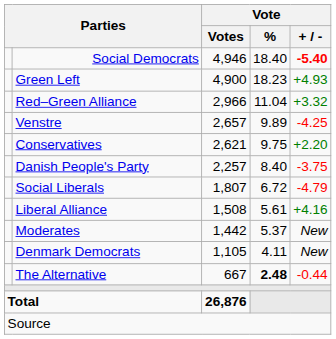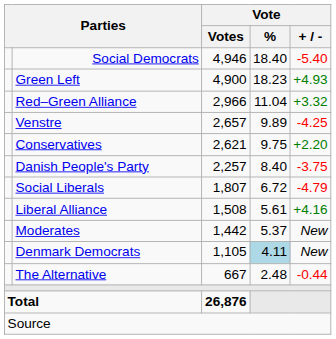 <table class="wikitable" style="text-align:right;">
 <tr>
 <th style="text-align:centre;" rowspan="2" colspan="2" width="225">Parties</th>
 <th colspan="3">Vote</th>
 </tr>
 <tr>
 <th width="15">Votes</th>
 <th width="15">%</th>
 <th width="15">+ / -</th>
 </tr>
 <tr>
 <td width=2 bgcolor=></td>
 <td><a href='#'>Social Democrats</a></td>
 <td>4,946</td>
 <td>18.40</td>
-<td style=color:red;><strong>-5.40</strong></td>
+<td style=color:red;>-5.40</td>
 </tr>
 <tr>
 <td width=2 bgcolor=></td>
 <td align=left><a href='#'>Green Left</a></td>
 <td>4,900</td>
 <td>18.23</td>
 <td style=color:green;>+4.93</td>
 </tr>
 <tr>
 <td width=2 bgcolor=></td>
 <td align=left><a href='#'>Red–Green Alliance</a></td>
 <td>2,966</td>
 <td>11.04</td>
 <td style=color:green;>+3.32</td>
 </tr>
 <tr>
 <td width=2 bgcolor=></td>
 <td align=left><a href='#'>Venstre</a></td>
 <td>2,657</td>
 <td>9.89</td>
 <td style=color:red;>-4.25</td>
 </tr>
 <tr>
 <td width=2 bgcolor=></td>
 <td align=left><a href='#'>Conservatives</a></td>
 <td>2,621</td>
 <td>9.75</td>
 <td style=color:green;>+2.20</td>
 </tr>
 <tr>
 <td width=2 bgcolor=></td>
 <td align=left><a href='#'>Danish People's Party</a></td>
 <td>2,257</td>
 <td>8.40</td>
 <td style=color:red;>-3.75</td>
 </tr>
 <tr>
 <td width=2 bgcolor=></td>
 <td align=left><a href='#'>Social Liberals</a></td>
 <td>1,807</td>
 <td>6.72</td>
 <td style=color:red;>-4.79</td>
 </tr>
 <tr>
 <td width=2 bgcolor=></td>
 <td align=left><a href='#'>Liberal Alliance</a></td>
 <td>1,508</td>
 <td>5.61</td>
 <td style=color:green;>+4.16</td>
 </tr>
 <tr>
 <td width=2 bgcolor=></td>
 <td align=left><a href='#'>Moderates</a></td>
 <td>1,442</td>
 <td>5.37</td>
 <td><em>New</em></td>
 </tr>
 <tr>
 <td width=2 bgcolor=></td>
 <td align=left><a href='#'>Denmark Democrats</a></td>
 <td>1,105</td>
-<td>4.11</td>
+<td style="background: lightblue;">4.11</td>
 <td><em>New</em></td>
 </tr>
 <tr>
 <td width=2 bgcolor=></td>
 <td align=left><a href='#'>The Alternative</a></td>
 <td>667</td>
-<td><strong>2.48</strong></td>
+<td>2.48</td>
 <td style=color:red;>-0.44</td>
 </tr>
 <tr>
 <td colspan="7" bgcolor="#E9E9E9"></td>
 </tr>
 <tr>
 <td align="left" colspan="2"><strong>Total</strong></td>
 <td><strong>26,876</strong></td>
 <td bgcolor=#E9E9E9 colspan=2></td>
 </tr>
 <tr>
 <td align="left" colspan="6">Source</td>
 </tr>
 </table>
